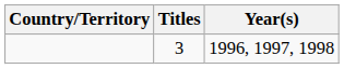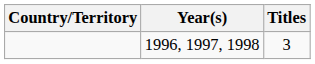 <table class="wikitable sortable" style="font-size: 95%;">
 <tr>
 <th>Country/Territory</th>
+<th>Year(s)</th>
 <th>Titles</th>
-<th>Year(s)</th>
 </tr>
 <tr>
 <td><strong></strong></td>
+<td>1996, 1997, 1998</td>
 <td style="text-align:center;">3</td>
-<td>1996, 1997, 1998</td>
 </tr>
 </table>
